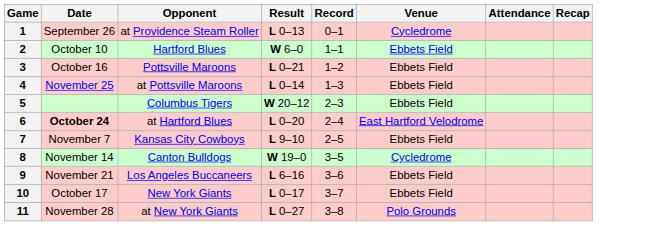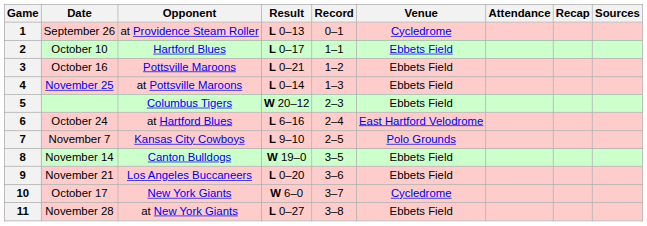 <table class="wikitable" style="text-align:center">
 <tr>
 <th>Game</th>
 <th>Date</th>
 <th>Opponent</th>
 <th>Result</th>
 <th>Record</th>
 <th>Venue</th>
 <th>Attendance</th>
 <th>Recap</th>
+<th>Sources</th>
 </tr>
 <tr style="background:#fcc">
 <th>1</th>
 <td>September 26</td>
 <td>at <a href='#'>Providence Steam Roller</a></td>
 <td><strong>L</strong> 0–13</td>
 <td>0–1</td>
 <td><a href='#'>Cycledrome</a></td>
 <td></td>
 <td></td>
+<td></td>
 </tr>
 <tr style="background:#cfc">
 <th>2</th>
 <td>October 10</td>
 <td><a href='#'>Hartford Blues</a></td>
-<td><strong>W</strong> 6–0</td>
+<td><strong>L</strong> 0–17</td>
 <td>1–1</td>
 <td><a href='#'>Ebbets Field</a></td>
+<td></td>
 <td></td>
 <td></td>
 </tr>
 <tr style="background:#fcc">
 <th>3</th>
 <td>October 16</td>
 <td><a href='#'>Pottsville Maroons</a></td>
 <td><strong>L</strong> 0–21</td>
 <td>1–2</td>
 <td>Ebbets Field</td>
 <td></td>
 <td></td>
+<td></td>
 </tr>
 <tr style="background:#fcc">
 <th>4</th>
 <td><a href='#'>November 25</a></td>
 <td>at <a href='#'>Pottsville Maroons</a></td>
 <td><strong>L</strong> 0–14</td>
 <td>1–3</td>
 <td>Ebbets Field</td>
+<td></td>
 <td></td>
 <td></td>
 </tr>
 <tr style="background:#cfc">
 <th>5</th>
 <td></td>
 <td><a href='#'>Columbus Tigers</a></td>
 <td><strong>W</strong> 20–12</td>
 <td>2–3</td>
 <td>Ebbets Field</td>
 <td></td>
 <td></td>
+<td></td>
 </tr>
 <tr style="background:#fcc">
 <th>6</th>
-<td><strong>October 24</strong></td>
+<td>October 24</td>
 <td>at <a href='#'>Hartford Blues</a></td>
-<td><strong>L</strong> 0–20</td>
+<td><strong>L</strong> 6–16</td>
 <td>2–4</td>
 <td><a href='#'>East Hartford Velodrome</a></td>
+<td></td>
 <td></td>
 <td></td>
 </tr>
 <tr style="background:#fcc">
 <th>7</th>
 <td>November 7</td>
 <td><a href='#'>Kansas City Cowboys</a></td>
 <td><strong>L</strong> 9–10</td>
 <td>2–5</td>
-<td>Ebbets Field</td>
+<td><a href='#'>Polo Grounds</a></td>
+<td></td>
 <td></td>
 <td></td>
 </tr>
 <tr style="background:#cfc">
 <th>8</th>
 <td>November 14</td>
 <td><a href='#'>Canton Bulldogs</a></td>
 <td><strong>W</strong> 19–0</td>
 <td>3–5</td>
-<td><a href='#'>Cycledrome</a></td>
+<td>Ebbets Field</td>
+<td></td>
 <td></td>
 <td></td>
 </tr>
 <tr style="background:#fcc">
 <th>9</th>
 <td>November 21</td>
 <td><a href='#'>Los Angeles Buccaneers</a></td>
-<td><strong>L</strong> 6–16</td>
+<td><strong>L</strong> 0–20</td>
 <td>3–6</td>
 <td>Ebbets Field</td>
+<td></td>
 <td></td>
 <td></td>
 </tr>
 <tr style="background:#fcc">
 <th>10</th>
 <td>October 17</td>
 <td><a href='#'>New York Giants</a></td>
-<td><strong>L</strong> 0–17</td>
+<td><strong>W</strong> 6–0</td>
 <td>3–7</td>
-<td>Ebbets Field</td>
+<td><a href='#'>Cycledrome</a></td>
+<td></td>
 <td></td>
 <td></td>
 </tr>
 <tr style="background:#fcc">
 <th>11</th>
 <td>November 28</td>
 <td>at <a href='#'>New York Giants</a></td>
 <td><strong>L</strong> 0–27</td>
 <td>3–8</td>
-<td><a href='#'>Polo Grounds</a></td>
+<td>Ebbets Field</td>
+<td></td>
 <td></td>
 <td></td>
 </tr>
 </table>
